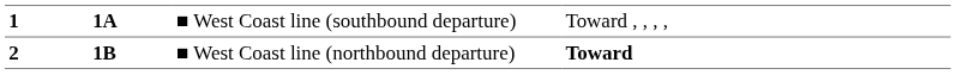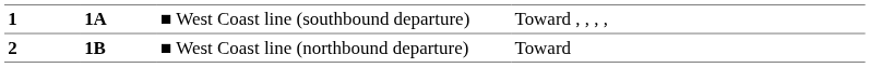 <table border=0 cellspacing=0 cellpadding=3>
 <tr>
 <td width=60 style="border-top:solid 1px gray; border-bottom:solid 1px gray;"><strong>1</strong></td>
 <td width=60 style="border-top:solid 1px gray; border-bottom:solid 1px gray;"><strong>1A</strong></td>
 <td width=300 style="border-top:solid 1px gray; border-bottom:solid 1px gray;"><span>■</span> West Coast line (southbound departure)</td>
 <td width=300 style="border-top:solid 1px gray; border-bottom:solid 1px gray;">Toward , , , , </td>
 </tr>
 <tr>
 <td style="border-bottom:solid 1px gray;" rowspan=2><strong>2</strong></td>
 <td style="border-bottom:solid 1px gray;" rowspan=2><strong>1B</strong></td>
 <td style="border-bottom:solid 1px gray;"><span>■</span> West Coast line (northbound departure)</td>
-<td style="border-bottom:solid 1px gray;"><strong>Toward </strong></td>
+<td style="border-bottom:solid 1px gray;">Toward </td>
 </tr>
 <tr>
 </tr>
 </table>
